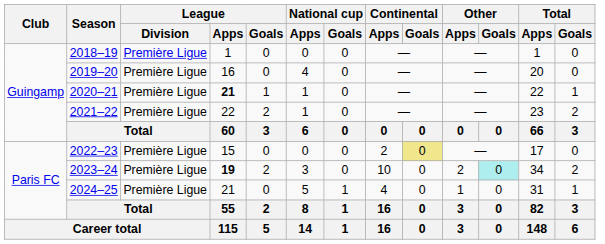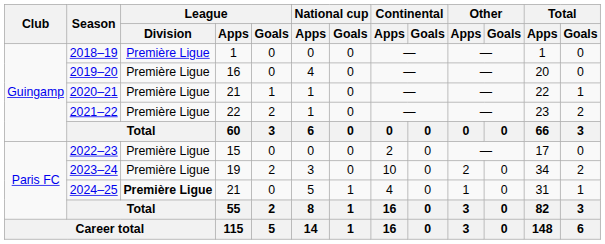 <table class="wikitable" style="text-align:center">
 <tr>
 <th rowspan="2">Club</th>
 <th rowspan="2">Season</th>
 <th colspan="3">League</th>
 <th colspan="2">National cup</th>
 <th colspan="2">Continental</th>
 <th colspan="2">Other</th>
 <th colspan="2">Total</th>
 </tr>
 <tr>
 <th>Division</th>
 <th>Apps</th>
 <th>Goals</th>
 <th>Apps</th>
 <th>Goals</th>
 <th>Apps</th>
 <th>Goals</th>
 <th>Apps</th>
 <th>Goals</th>
 <th>Apps</th>
 <th>Goals</th>
 </tr>
 <tr>
 <td rowspan="5"><a href='#'>Guingamp</a></td>
 <td><a href='#'>2018–19</a></td>
 <td><a href='#'>Première Ligue</a></td>
 <td>1</td>
 <td>0</td>
 <td>0</td>
 <td>0</td>
 <td colspan="2">—</td>
 <td colspan="2">—</td>
 <td>1</td>
 <td>0</td>
 </tr>
 <tr>
 <td><a href='#'>2019–20</a></td>
 <td>Première Ligue</td>
 <td>16</td>
 <td>0</td>
 <td>4</td>
 <td>0</td>
 <td colspan="2">—</td>
 <td colspan="2">—</td>
 <td>20</td>
 <td>0</td>
 </tr>
 <tr>
 <td><a href='#'>2020–21</a></td>
 <td>Première Ligue</td>
-<td><strong>21</strong></td>
+<td>21</td>
 <td>1</td>
 <td>1</td>
 <td>0</td>
 <td colspan="2">—</td>
 <td colspan="2">—</td>
 <td>22</td>
 <td>1</td>
 </tr>
 <tr>
 <td><a href='#'>2021–22</a></td>
 <td>Première Ligue</td>
 <td>22</td>
 <td>2</td>
 <td>1</td>
 <td>0</td>
 <td colspan="2">—</td>
 <td colspan="2">—</td>
 <td>23</td>
 <td>2</td>
 </tr>
 <tr>
 <th colspan="2">Total</th>
 <th>60</th>
 <th>3</th>
 <th>6</th>
 <th>0</th>
 <th>0</th>
 <th>0</th>
 <th>0</th>
 <th>0</th>
 <th>66</th>
 <th>3</th>
 </tr>
 <tr>
 <td rowspan="4"><a href='#'>Paris FC</a></td>
 <td><a href='#'>2022–23</a></td>
 <td>Première Ligue</td>
 <td>15</td>
 <td>0</td>
 <td>0</td>
 <td>0</td>
 <td>2</td>
-<td style="background: khaki;">0</td>
+<td>0</td>
 <td colspan="2">—</td>
 <td>17</td>
 <td>0</td>
 </tr>
 <tr>
 <td><a href='#'>2023–24</a></td>
 <td>Première Ligue</td>
-<td><strong>19</strong></td>
+<td>19</td>
 <td>2</td>
 <td>3</td>
 <td>0</td>
 <td>10</td>
 <td>0</td>
 <td>2</td>
-<td style="background: paleturquoise;">0</td>
+<td>0</td>
 <td>34</td>
 <td>2</td>
 </tr>
 <tr>
 <td><a href='#'>2024–25</a></td>
-<td>Première Ligue</td>
+<td><strong>Première Ligue</strong></td>
 <td>21</td>
 <td>0</td>
 <td>5</td>
 <td>1</td>
 <td>4</td>
 <td>0</td>
 <td>1</td>
 <td>0</td>
 <td>31</td>
 <td>1</td>
 </tr>
 <tr>
 <th colspan="2">Total</th>
 <th>55</th>
 <th>2</th>
 <th>8</th>
 <th>1</th>
 <th>16</th>
 <th>0</th>
 <th>3</th>
 <th>0</th>
 <th>82</th>
 <th>3</th>
 </tr>
 <tr>
 <th colspan="3">Career total</th>
 <th>115</th>
 <th>5</th>
 <th>14</th>
 <th>1</th>
 <th>16</th>
 <th>0</th>
 <th>3</th>
 <th>0</th>
 <th>148</th>
 <th>6</th>
 </tr>
 </table>
